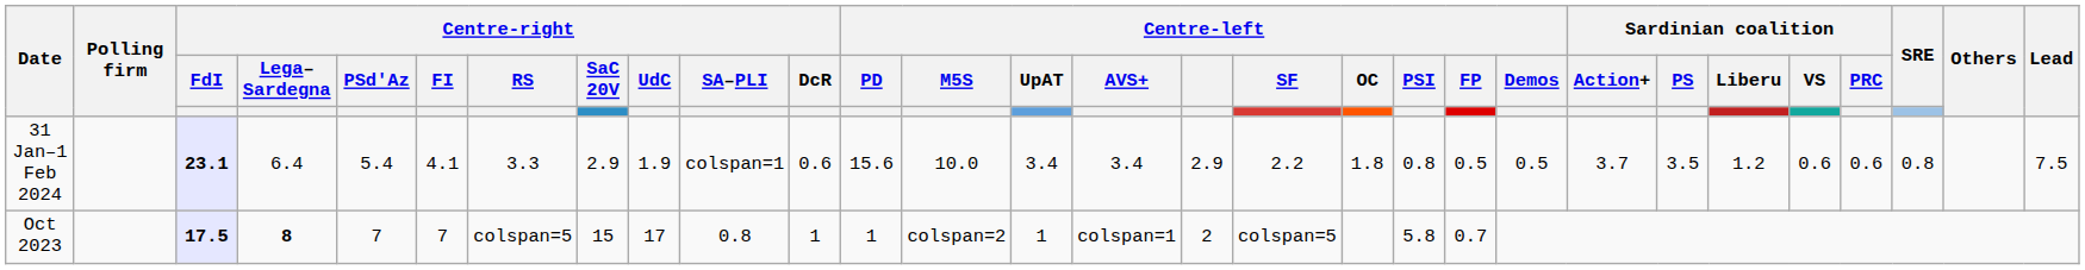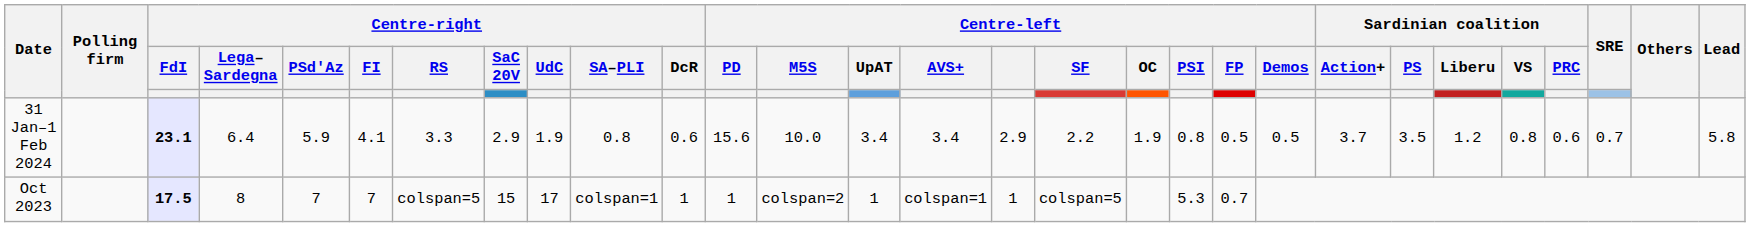 <table class="wikitable collapsible collapsed" style="text-align:center;font-size:85%;line-height:13px">
 <tr style="height:30px; background-color:#E9E9E9">
 <th style="width:100px;" rowspan="3">Date</th>
 <th style="width:120px;" rowspan="3">Polling firm</th>
 <th colspan=9><a href='#'>Centre-right</a></th>
 <th colspan=10><a href='#'>Centre-left</a></th>
 <th colspan=5>Sardinian coalition</th>
 <th style="width:65px;" rowspan=2>SRE</th>
 <th style="width:65px;" rowspan="3">Others</th>
 <th style="width:35px;" rowspan="3">Lead</th>
 </tr>
 <tr>
 <th style="width:65px;"><a href='#'>FdI</a></th>
 <th style="width:65px;"><a href='#'>Lega</a>–<a href='#'>Sardegna</a></th>
 <th style="width:65px;"><a href='#'>PSd'Az</a></th>
 <th style="width:65px;"><a href='#'>FI</a></th>
 <th style="width:65px;"><a href='#'>RS</a></th>
 <th style="width:65px;"><a href='#'>SaC</a> <a href='#'>20V</a></th>
 <th style="width:65px;"><a href='#'>UdC</a></th>
 <th style="width:65px;"><a href='#'>SA</a>–<a href='#'>PLI</a></th>
 <th style="width:65px;">DcR</th>
 <th style="width:65px;"><a href='#'>PD</a></th>
 <th style="width:65px;"><a href='#'>M5S</a></th>
 <th style="width:65px;">UpAT</th>
 <th style="width:65px;"><a href='#'>AVS+</a></th>
 <th style="width:65px;"></th>
 <th style="width:65px;"><a href='#'>SF</a></th>
 <th style="width:65px;">OC</th>
 <th style="width:65px;"><a href='#'>PSI</a></th>
 <th style="width:65px;"><a href='#'>FP</a></th>
 <th style="width:65px;"><a href='#'>Demos</a></th>
 <th style="width:65px;"><a href='#'>Action</a>+</th>
 <th style="width:65px;"><a href='#'>PS</a></th>
 <th style="width:65px;">Liberu</th>
 <th style="width:65px;">VS</th>
 <th style="width:65px;"><a href='#'>PRC</a></th>
 </tr>
 <tr>
 <th style="background:"></th>
 <th style="background:"></th>
 <th style="background:"></th>
 <th style="background:"></th>
 <th style="background:"></th>
 <th style="background-color:#2d8ec5"></th>
 <th style="background-color:"></th>
 <th style="background-color:"></th>
 <th style="background-color:"></th>
 <th style="background:"></th>
 <th style="background:"></th>
 <th style="background-color:#5d9fdc"></th>
 <th style="background:"></th>
 <th style="background:"></th>
 <th style="background-color:#d93a34"></th>
 <th style="background-color:#ff5500"></th>
 <th style="background:"></th>
 <th style="background-color:#DE0000"></th>
 <th style="background:"></th>
 <th style="background:"></th>
 <th style="background:"></th>
 <th style="background-color:#c22020"></th>
 <th style="background-color:#12A89E"></th>
 <th style="background:"></th>
 <th style="background-color:#9cc2e6"></th>
 </tr>
 <tr>
 <td>31 Jan–1 Feb 2024</td>
 <td></td>
 <td style="background:#E5E7FF;"><strong>23.1</strong></td>
 <td>6.4</td>
-<td>5.4</td>
+<td>5.9</td>
 <td>4.1</td>
 <td>3.3</td>
 <td>2.9</td>
 <td>1.9</td>
-<td>colspan=1 </td>
+<td>0.8</td>
 <td>0.6</td>
 <td>15.6</td>
 <td>10.0</td>
 <td>3.4</td>
 <td>3.4</td>
 <td>2.9</td>
 <td>2.2</td>
-<td>1.8</td>
+<td>1.9</td>
 <td>0.8</td>
 <td>0.5</td>
 <td>0.5</td>
 <td>3.7</td>
 <td>3.5</td>
 <td>1.2</td>
+<td>0.8</td>
 <td>0.6</td>
-<td>0.6</td>
-<td>0.8</td>
+<td>0.7</td>
 <td></td>
-<td style="background:">7.5</td>
+<td style="background:">5.8</td>
 </tr>
 <tr>
 <td>Oct 2023</td>
 <td></td>
 <td style="background:#E5E7FF;"><strong>17.5</strong></td>
-<td><strong>8</strong></td>
+<td>8</td>
 <td>7</td>
 <td>7</td>
 <td>colspan=5 </td>
 <td>15</td>
 <td>17</td>
-<td>0.8</td>
+<td>colspan=1 </td>
 <td>1</td>
 <td>1</td>
 <td>colspan=2 </td>
 <td>1</td>
 <td>colspan=1 </td>
-<td>2</td>
+<td>1</td>
 <td>colspan=5 </td>
 <td></td>
-<td>5.8</td>
+<td>5.3</td>
 <td style="background:">0.7</td>
 </tr>
 </table>
